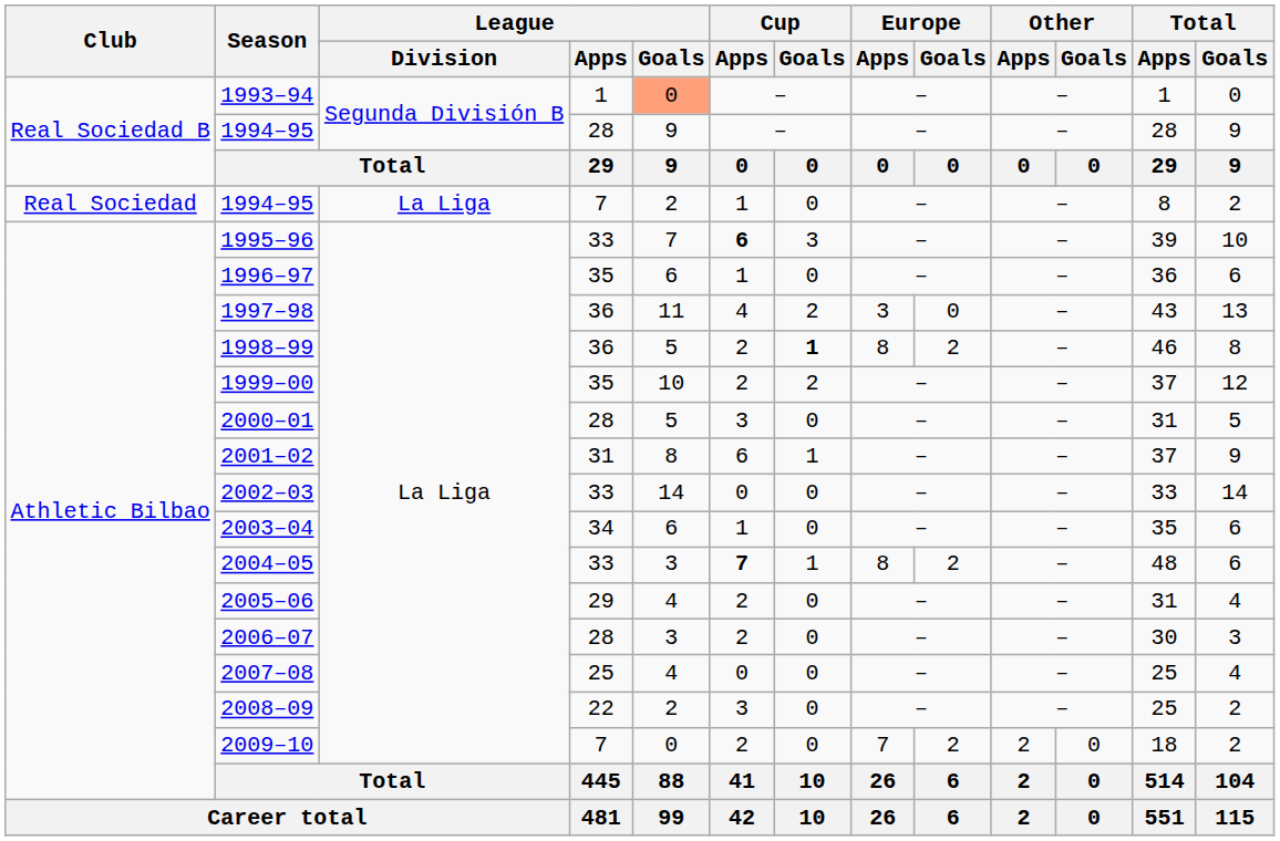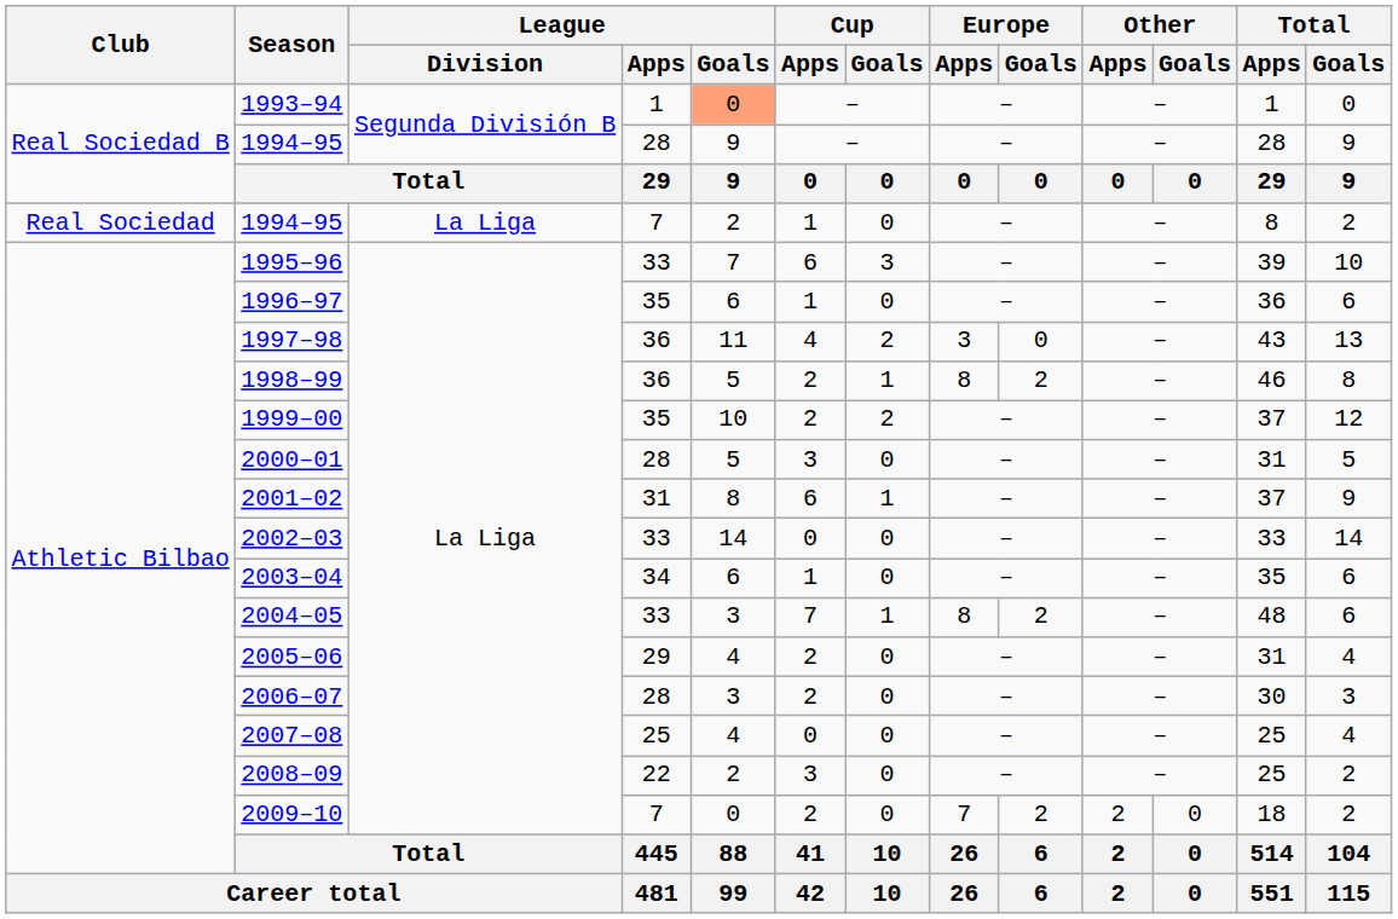 <table class="wikitable" style="text-align:center">
 <tr>
 <th rowspan="2">Club</th>
 <th rowspan="2">Season</th>
 <th colspan="3">League</th>
 <th colspan="2">Cup</th>
 <th colspan="2">Europe</th>
 <th colspan="2">Other</th>
 <th colspan="2">Total</th>
 </tr>
 <tr>
 <th>Division</th>
 <th>Apps</th>
 <th>Goals</th>
 <th>Apps</th>
 <th>Goals</th>
 <th>Apps</th>
 <th>Goals</th>
 <th>Apps</th>
 <th>Goals</th>
 <th>Apps</th>
 <th>Goals</th>
 </tr>
 <tr>
 <td rowspan="3"><a href='#'>Real Sociedad B</a></td>
 <td><a href='#'>1993–94</a></td>
 <td rowspan="2"><a href='#'>Segunda División B</a></td>
 <td>1</td>
 <td style="background: lightsalmon;">0</td>
 <td colspan="2">–</td>
 <td colspan="2">–</td>
 <td colspan="2">–</td>
 <td>1</td>
 <td>0</td>
 </tr>
 <tr>
 <td><a href='#'>1994–95</a></td>
 <td>28</td>
 <td>9</td>
 <td colspan="2">–</td>
 <td colspan="2">–</td>
 <td colspan="2">–</td>
 <td>28</td>
 <td>9</td>
 </tr>
 <tr>
 <th colspan="2">Total</th>
 <th>29</th>
 <th>9</th>
 <th>0</th>
 <th>0</th>
 <th>0</th>
 <th>0</th>
 <th>0</th>
 <th>0</th>
 <th>29</th>
 <th>9</th>
 </tr>
 <tr>
 <td><a href='#'>Real Sociedad</a></td>
 <td><a href='#'>1994–95</a></td>
 <td><a href='#'>La Liga</a></td>
 <td>7</td>
 <td>2</td>
 <td>1</td>
 <td>0</td>
 <td colspan="2">–</td>
 <td colspan="2">–</td>
 <td>8</td>
 <td>2</td>
 </tr>
 <tr>
 <td rowspan="16"><a href='#'>Athletic Bilbao</a></td>
 <td><a href='#'>1995–96</a></td>
 <td rowspan="15">La Liga</td>
 <td>33</td>
 <td>7</td>
-<td><strong>6</strong></td>
+<td>6</td>
 <td>3</td>
 <td colspan="2">–</td>
 <td colspan="2">–</td>
 <td>39</td>
 <td>10</td>
 </tr>
 <tr>
 <td><a href='#'>1996–97</a></td>
 <td>35</td>
 <td>6</td>
 <td>1</td>
 <td>0</td>
 <td colspan="2">–</td>
 <td colspan="2">–</td>
 <td>36</td>
 <td>6</td>
 </tr>
 <tr>
 <td><a href='#'>1997–98</a></td>
 <td>36</td>
 <td>11</td>
 <td>4</td>
 <td>2</td>
 <td>3</td>
 <td>0</td>
 <td colspan="2">–</td>
 <td>43</td>
 <td>13</td>
 </tr>
 <tr>
 <td><a href='#'>1998–99</a></td>
 <td>36</td>
 <td>5</td>
 <td>2</td>
-<td><strong>1</strong></td>
+<td>1</td>
 <td>8</td>
 <td>2</td>
 <td colspan="2">–</td>
 <td>46</td>
 <td>8</td>
 </tr>
 <tr>
 <td><a href='#'>1999–00</a></td>
 <td>35</td>
 <td>10</td>
 <td>2</td>
 <td>2</td>
 <td colspan="2">–</td>
 <td colspan="2">–</td>
 <td>37</td>
 <td>12</td>
 </tr>
 <tr>
 <td><a href='#'>2000–01</a></td>
 <td>28</td>
 <td>5</td>
 <td>3</td>
 <td>0</td>
 <td colspan="2">–</td>
 <td colspan="2">–</td>
 <td>31</td>
 <td>5</td>
 </tr>
 <tr>
 <td><a href='#'>2001–02</a></td>
 <td>31</td>
 <td>8</td>
 <td>6</td>
 <td>1</td>
 <td colspan="2">–</td>
 <td colspan="2">–</td>
 <td>37</td>
 <td>9</td>
 </tr>
 <tr>
 <td><a href='#'>2002–03</a></td>
 <td>33</td>
 <td>14</td>
 <td>0</td>
 <td>0</td>
 <td colspan="2">–</td>
 <td colspan="2">–</td>
 <td>33</td>
 <td>14</td>
 </tr>
 <tr>
 <td><a href='#'>2003–04</a></td>
 <td>34</td>
 <td>6</td>
 <td>1</td>
 <td>0</td>
 <td colspan="2">–</td>
 <td colspan="2">–</td>
 <td>35</td>
 <td>6</td>
 </tr>
 <tr>
 <td><a href='#'>2004–05</a></td>
 <td>33</td>
 <td>3</td>
-<td><strong>7</strong></td>
+<td>7</td>
 <td>1</td>
 <td>8</td>
 <td>2</td>
 <td colspan="2">–</td>
 <td>48</td>
 <td>6</td>
 </tr>
 <tr>
 <td><a href='#'>2005–06</a></td>
 <td>29</td>
 <td>4</td>
 <td>2</td>
 <td>0</td>
 <td colspan="2">–</td>
 <td colspan="2">–</td>
 <td>31</td>
 <td>4</td>
 </tr>
 <tr>
 <td><a href='#'>2006–07</a></td>
 <td>28</td>
 <td>3</td>
 <td>2</td>
 <td>0</td>
 <td colspan="2">–</td>
 <td colspan="2">–</td>
 <td>30</td>
 <td>3</td>
 </tr>
 <tr>
 <td><a href='#'>2007–08</a></td>
 <td>25</td>
 <td>4</td>
 <td>0</td>
 <td>0</td>
 <td colspan="2">–</td>
 <td colspan="2">–</td>
 <td>25</td>
 <td>4</td>
 </tr>
 <tr>
 <td><a href='#'>2008–09</a></td>
 <td>22</td>
 <td>2</td>
 <td>3</td>
 <td>0</td>
 <td colspan="2">–</td>
 <td colspan="2">–</td>
 <td>25</td>
 <td>2</td>
 </tr>
 <tr>
 <td><a href='#'>2009–10</a></td>
 <td>7</td>
 <td>0</td>
 <td>2</td>
 <td>0</td>
 <td>7</td>
 <td>2</td>
 <td>2</td>
 <td>0</td>
 <td>18</td>
 <td>2</td>
 </tr>
 <tr>
 <th colspan="2">Total</th>
 <th>445</th>
 <th>88</th>
 <th>41</th>
 <th>10</th>
 <th>26</th>
 <th>6</th>
 <th>2</th>
 <th>0</th>
 <th>514</th>
 <th>104</th>
 </tr>
 <tr>
 <th colspan="3">Career total</th>
 <th>481</th>
 <th>99</th>
 <th>42</th>
 <th>10</th>
 <th>26</th>
 <th>6</th>
 <th>2</th>
 <th>0</th>
 <th>551</th>
 <th>115</th>
 </tr>
 </table>
